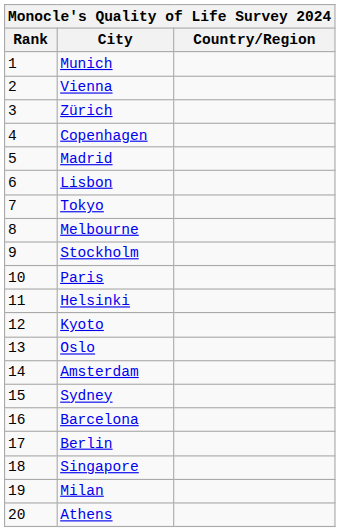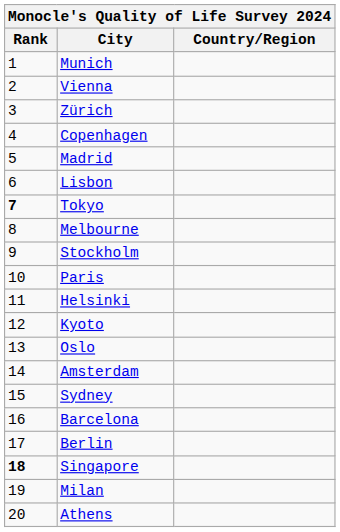 <table class="wikitable sortable">
 <tr>
 <th colspan="3">Monocle's Quality of Life Survey 2024</th>
 </tr>
 <tr>
 <th>Rank</th>
 <th>City</th>
 <th>Country/Region</th>
 </tr>
 <tr>
 <td>1</td>
 <td><a href='#'>Munich</a></td>
 <td></td>
 </tr>
 <tr>
 <td>2</td>
 <td><a href='#'>Vienna</a></td>
 <td></td>
 </tr>
 <tr>
 <td>3</td>
 <td><a href='#'>Zürich</a></td>
 <td></td>
 </tr>
 <tr>
 <td>4</td>
 <td><a href='#'>Copenhagen</a></td>
 <td></td>
 </tr>
 <tr>
 <td>5</td>
 <td><a href='#'>Madrid</a></td>
 <td></td>
 </tr>
 <tr>
 <td>6</td>
 <td><a href='#'>Lisbon</a></td>
 <td></td>
 </tr>
 <tr>
-<td>7</td>
+<td><strong>7</strong></td>
 <td><a href='#'>Tokyo</a></td>
 <td></td>
 </tr>
 <tr>
 <td>8</td>
 <td><a href='#'>Melbourne</a></td>
 <td></td>
 </tr>
 <tr>
 <td>9</td>
 <td><a href='#'>Stockholm</a></td>
 <td></td>
 </tr>
 <tr>
 <td>10</td>
 <td><a href='#'>Paris</a></td>
 <td></td>
 </tr>
 <tr>
 <td>11</td>
 <td><a href='#'>Helsinki</a></td>
 <td></td>
 </tr>
 <tr>
 <td>12</td>
 <td><a href='#'>Kyoto</a></td>
 <td></td>
 </tr>
 <tr>
 <td>13</td>
 <td><a href='#'>Oslo</a></td>
 <td></td>
 </tr>
 <tr>
 <td>14</td>
 <td><a href='#'>Amsterdam</a></td>
 <td></td>
 </tr>
 <tr>
 <td>15</td>
 <td><a href='#'>Sydney</a></td>
 <td></td>
 </tr>
 <tr>
 <td>16</td>
 <td><a href='#'>Barcelona</a></td>
 <td></td>
 </tr>
 <tr>
 <td>17</td>
 <td><a href='#'>Berlin</a></td>
 <td></td>
 </tr>
 <tr>
-<td>18</td>
+<td><strong>18</strong></td>
 <td><a href='#'>Singapore</a></td>
 <td></td>
 </tr>
 <tr>
 <td>19</td>
 <td><a href='#'>Milan</a></td>
 <td></td>
 </tr>
 <tr>
 <td>20</td>
 <td><a href='#'>Athens</a></td>
 <td></td>
 </tr>
 </table>
